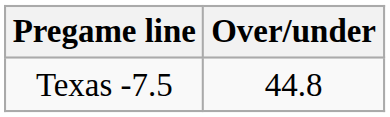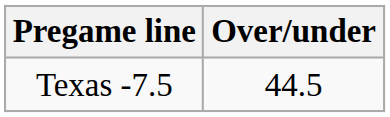 <table class="wikitable" style="margin-left: auto; margin-right: auto; border: none; display: inline-table;">
 <tr align="center">
 <th style=>Pregame line</th>
 <th style=>Over/under</th>
 </tr>
 <tr align="center">
 <td>Texas -7.5</td>
-<td>44.8</td>
+<td>44.5</td>
 </tr>
 </table>
